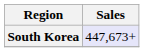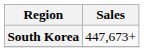 <table class="wikitable plainrowheaders" style="text-align:center;">
 <tr>
 <th>Region</th>
 <th>Sales</th>
 </tr>
 <tr>
 <th scope=row>South Korea</th>
-<td style="background: lavender;">447,673+</td>
+<td>447,673+</td>
 </tr>
 <tr>
 </tr>
 </table>
